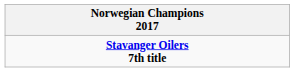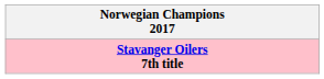 <table class="wikitable" style="text-align: center; margin: 0 auto; width: 20%">
 <tr>
 <th>Norwegian Champions<br>2017</th>
 </tr>
 <tr>
-<td><strong><a href='#'>Stavanger Oilers</a></strong><br><strong>7th title</strong></td>
+<td style="background: pink;"><strong><a href='#'>Stavanger Oilers</a></strong><br><strong>7th title</strong></td>
 </tr>
 </table>
